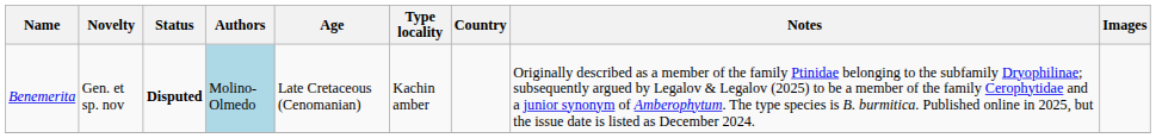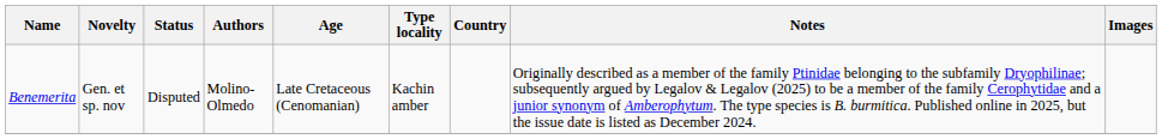 <table class="wikitable sortable" align="center" width="100%">
 <tr>
 <th>Name</th>
 <th>Novelty</th>
 <th>Status</th>
 <th>Authors</th>
 <th>Age</th>
 <th>Type locality</th>
 <th>Country</th>
 <th>Notes</th>
 <th>Images</th>
 </tr>
 <tr>
 <td><br><em><a href='#'>Benemerita</a></em></td>
 <td><br>Gen. et sp. nov</td>
-<td><strong><br>Disputed</strong></td>
-<td style="background: lightblue;"><br>Molino-Olmedo</td>
+<td><br>Disputed</td>
+<td><br>Molino-Olmedo</td>
 <td><br>Late Cretaceous (Cenomanian)</td>
 <td><br>Kachin amber</td>
 <td><br></td>
 <td><br>Originally described as a member of the family <a href='#'>Ptinidae</a> belonging to the subfamily <a href='#'>Dryophilinae</a>; subsequently argued by Legalov & Legalov (2025) to be a member of the family <a href='#'>Cerophytidae</a> and a <a href='#'>junior synonym</a> of <em><a href='#'>Amberophytum</a></em>. The type species is <em>B. burmitica</em>. Published online in 2025, but the issue date is listed as December 2024.</td>
 <td></td>
 </tr>
 <tr>
 </tr>
 </table>
